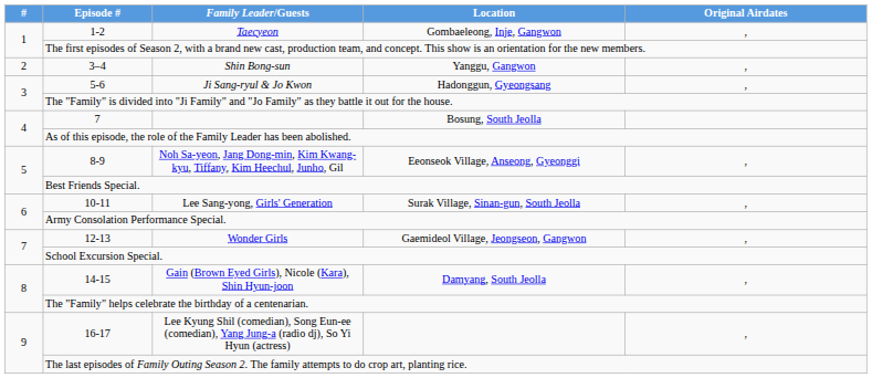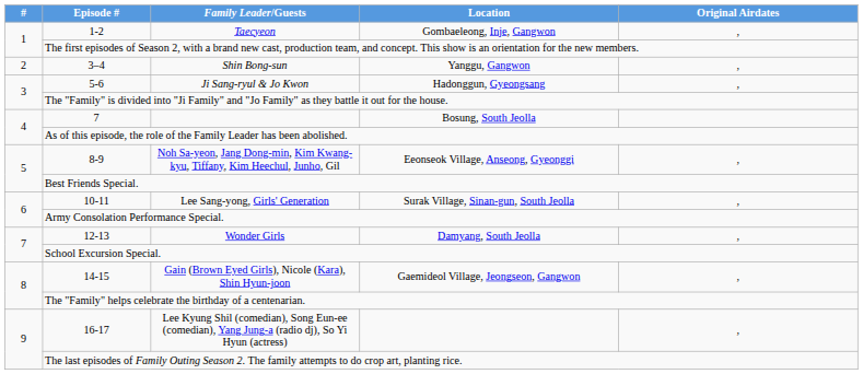 <table class="wikitable" style="width:98%;">
 <tr>
 <th style="background:#5599df; color:#fff; width:30px;">#</th>
 <th style="background:#5599df; color:#fff; width:100px;">Episode #</th>
 <th style="background:#5599df; color:#fff; width:200px;"><em>Family Leader</em>/Guests</th>
 <th style="background:#5599df; color:#fff; width:250px;">Location</th>
 <th style="background:#5599df; color:#fff; width:230px;">Original Airdates</th>
 </tr>
 <tr>
 <td style="text-align:center;" rowspan="2">1</td>
 <td style="text-align:center;">1-2</td>
 <td style="text-align:center;"><em><a href='#'>Taecyeon</a></em></td>
 <td style="text-align:center;">Gombaeleong, <a href='#'>Inje</a>, <a href='#'>Gangwon</a></td>
 <td style="text-align:center;">, </td>
 </tr>
 <tr>
 <td colspan=4>The first episodes of Season 2, with a brand new cast, production team, and concept. This show is an orientation for the new members.</td>
 </tr>
 <tr>
 <td style="text-align:center;">2</td>
 <td style="text-align:center;">3–4</td>
 <td style="text-align:center;"><em>Shin Bong-sun</em></td>
 <td style="text-align:center;">Yanggu, <a href='#'>Gangwon</a></td>
 <td style="text-align:center;">, </td>
 </tr>
 <tr>
 <td style="text-align:center;" rowspan="2">3</td>
 <td style="text-align:center;">5-6</td>
 <td style="text-align:center;"><em>Ji Sang-ryul & Jo Kwon</em></td>
 <td style="text-align:center;">Hadonggun, <a href='#'>Gyeongsang</a></td>
 <td style="text-align:center;">, </td>
 </tr>
 <tr>
 <td colspan=4>The "Family" is divided into "Ji Family" and "Jo Family" as they battle it out for the house.</td>
 </tr>
 <tr>
 <td style="text-align:center;" rowspan="2">4</td>
 <td style="text-align:center;">7</td>
 <td style="text-align:center;"></td>
 <td style="text-align:center;">Bosung, <a href='#'>South Jeolla</a></td>
 <td style="text-align:center;"></td>
 </tr>
 <tr>
 <td colspan=4>As of this episode, the role of the Family Leader has been abolished.</td>
 </tr>
 <tr>
 <td style="text-align:center;" rowspan="2">5</td>
 <td style="text-align:center;">8-9</td>
 <td style="text-align:center;"><a href='#'>Noh Sa-yeon</a>, <a href='#'>Jang Dong-min</a>, <a href='#'>Kim Kwang-kyu</a>, <a href='#'>Tiffany</a>, <a href='#'>Kim Heechul</a>, <a href='#'>Junho</a>, Gil</td>
 <td style="text-align:center;">Eeonseok Village, <a href='#'>Anseong</a>, <a href='#'>Gyeonggi</a></td>
 <td style="text-align:center;">, </td>
 </tr>
 <tr>
 <td colspan=4>Best Friends Special.</td>
 </tr>
 <tr>
 <td style="text-align:center;" rowspan="2">6</td>
 <td style="text-align:center;">10-11</td>
 <td style="text-align:center;">Lee Sang-yong, <a href='#'>Girls' Generation</a></td>
 <td style="text-align:center;">Surak Village, <a href='#'>Sinan-gun</a>, <a href='#'>South Jeolla</a></td>
 <td style="text-align:center;">, </td>
 </tr>
 <tr>
 <td colspan=4>Army Consolation Performance Special.</td>
 </tr>
 <tr>
 <td style="text-align:center;" rowspan="2">7</td>
 <td style="text-align:center;">12-13</td>
 <td style="text-align:center;"><a href='#'>Wonder Girls</a></td>
-<td style="text-align:center;">Gaemideol Village, <a href='#'>Jeongseon</a>, <a href='#'>Gangwon</a></td>
+<td style="text-align:center;"><a href='#'>Damyang</a>, <a href='#'>South Jeolla</a></td>
 <td style="text-align:center;">, </td>
 </tr>
 <tr>
 <td colspan=4>School Excursion Special.</td>
 </tr>
 <tr>
 <td style="text-align:center;" rowspan="2">8</td>
 <td style="text-align:center;">14-15</td>
 <td style="text-align:center;"><a href='#'>Gain</a> (<a href='#'>Brown Eyed Girls</a>), Nicole (<a href='#'>Kara</a>), <a href='#'>Shin Hyun-joon</a></td>
-<td style="text-align:center;"><a href='#'>Damyang</a>, <a href='#'>South Jeolla</a></td>
+<td style="text-align:center;">Gaemideol Village, <a href='#'>Jeongseon</a>, <a href='#'>Gangwon</a></td>
 <td style="text-align:center;">, </td>
 </tr>
 <tr>
 <td colspan=4>The "Family" helps celebrate the birthday of a centenarian.</td>
 </tr>
 <tr>
 <td style="text-align:center;" rowspan="2">9</td>
 <td style="text-align:center;">16-17</td>
 <td style="text-align:center;">Lee Kyung Shil (comedian), Song Eun-ee (comedian), <a href='#'>Yang Jung-a</a> (radio dj), So Yi Hyun (actress)</td>
 <td style="text-align:center;"></td>
 <td style="text-align:center;">, </td>
 </tr>
 <tr>
 <td colspan=4>The last episodes of <em>Family Outing Season 2</em>. The family attempts to do crop art, planting rice.</td>
 </tr>
 </table>
